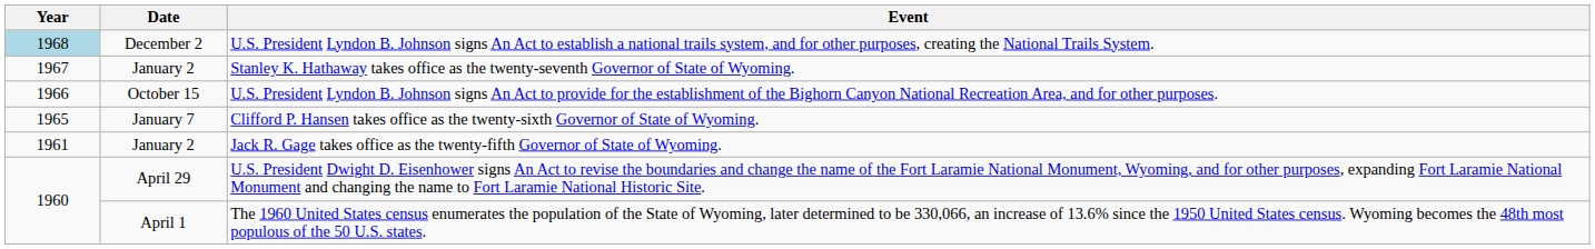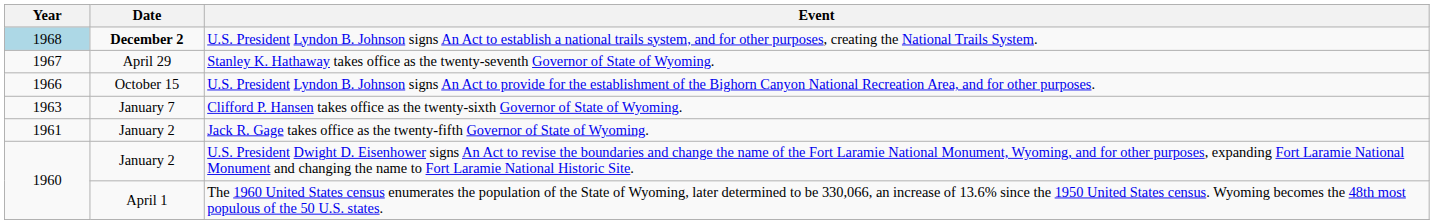 <table class="wikitable" style="width:100%;">
 <tr>
 <th style="width:6%">Year</th>
 <th style="width:8%">Date</th>
 <th style="width:86%">Event</th>
 </tr>
 <tr>
 <td align=center rowspan=1 style="background: lightblue;">1968</td>
-<td align=center>December 2</td>
+<td align=center><strong>December 2</strong></td>
 <td><a href='#'>U.S. President</a> <a href='#'>Lyndon B. Johnson</a> signs <a href='#'>An Act to establish a national trails system, and for other purposes</a>, creating the <a href='#'>National Trails System</a>.</td>
 </tr>
 <tr>
 <td align=center rowspan=1>1967</td>
-<td align=center>January 2</td>
+<td align=center>April 29</td>
 <td><a href='#'>Stanley K. Hathaway</a> takes office as the twenty-seventh <a href='#'>Governor of State of Wyoming</a>.</td>
 </tr>
 <tr>
 <td align=center rowspan=1>1966</td>
 <td align=center>October 15</td>
 <td><a href='#'>U.S. President</a> <a href='#'>Lyndon B. Johnson</a> signs <a href='#'>An Act to provide for the establishment of the Bighorn Canyon National Recreation Area, and for other purposes</a>.</td>
 </tr>
 <tr>
-<td align=center rowspan=1>1965</td>
+<td align=center rowspan=1>1963</td>
 <td align=center>January 7</td>
 <td><a href='#'>Clifford P. Hansen</a> takes office as the twenty-sixth <a href='#'>Governor of State of Wyoming</a>.</td>
 </tr>
 <tr>
 <td align=center rowspan=1>1961</td>
 <td align=center>January 2</td>
 <td><a href='#'>Jack R. Gage</a> takes office as the twenty-fifth <a href='#'>Governor of State of Wyoming</a>.</td>
 </tr>
 <tr>
 <td align=center rowspan=2>1960</td>
-<td align=center>April 29</td>
+<td align=center>January 2</td>
 <td><a href='#'>U.S. President</a> <a href='#'>Dwight D. Eisenhower</a> signs <a href='#'>An Act to revise the boundaries and change the name of the Fort Laramie National Monument, Wyoming, and for other purposes</a>, expanding <a href='#'>Fort Laramie National Monument</a> and changing the name to <a href='#'>Fort Laramie National Historic Site</a>.</td>
 </tr>
 <tr>
 <td align=center>April 1</td>
 <td>The <a href='#'>1960 United States census</a> enumerates the population of the State of Wyoming, later determined to be 330,066, an increase of 13.6% since the <a href='#'>1950 United States census</a>. Wyoming becomes the <a href='#'>48th most populous of the 50 U.S. states</a>.</td>
 </tr>
 </table>
